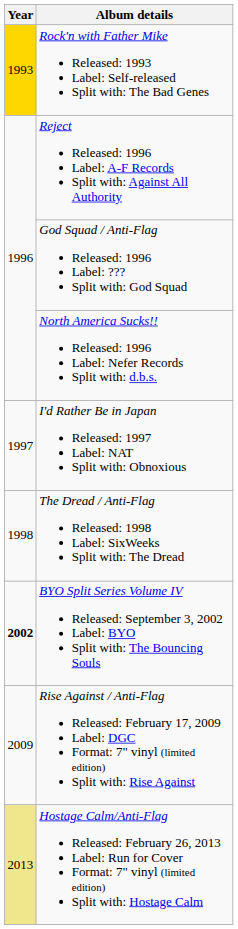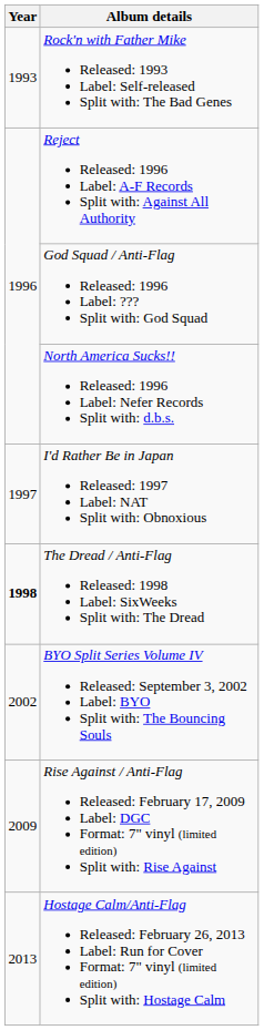 <table class="wikitable">
 <tr>
 <th>Year</th>
 <th width="235">Album details</th>
 </tr>
 <tr>
-<td style="background: gold;">1993</td>
+<td>1993</td>
 <td><em><a href='#'>Rock'n with Father Mike</a></em><br><ul><li>Released: 1993</li><li>Label: Self-released</li><li>Split with: The Bad Genes</li></ul></td>
 </tr>
 <tr>
 <td rowspan="3">1996</td>
 <td><em><a href='#'>Reject</a></em><br><ul><li>Released: 1996</li><li>Label: <a href='#'>A-F Records</a></li><li>Split with: <a href='#'>Against All Authority</a></li></ul></td>
 </tr>
 <tr>
 <td><em>God Squad / Anti-Flag</em><br><ul><li>Released: 1996</li><li>Label: ???</li><li>Split with: God Squad</li></ul></td>
 </tr>
 <tr>
 <td><em><a href='#'>North America Sucks!!</a></em><br><ul><li>Released: 1996</li><li>Label: Nefer Records</li><li>Split with: <a href='#'>d.b.s.</a></li></ul></td>
 </tr>
 <tr>
 <td>1997</td>
 <td><em>I'd Rather Be in Japan</em><br><ul><li>Released: 1997</li><li>Label: NAT</li><li>Split with: Obnoxious</li></ul></td>
 </tr>
 <tr>
-<td>1998</td>
+<td><strong>1998</strong></td>
 <td><em>The Dread / Anti-Flag</em><br><ul><li>Released: 1998</li><li>Label: SixWeeks</li><li>Split with: The Dread</li></ul></td>
 </tr>
 <tr>
-<td><strong>2002</strong></td>
+<td>2002</td>
 <td><em><a href='#'>BYO Split Series Volume IV</a></em><br><ul><li>Released: September 3, 2002</li><li>Label: <a href='#'>BYO</a></li><li>Split with: <a href='#'>The Bouncing Souls</a></li></ul></td>
 </tr>
 <tr>
 <td>2009</td>
 <td><em>Rise Against / Anti-Flag</em><br><ul><li>Released: February 17, 2009</li><li>Label: <a href='#'>DGC</a></li><li>Format: 7" vinyl <small>(limited edition)</small></li><li>Split with: <a href='#'>Rise Against</a></li></ul></td>
 </tr>
 <tr>
-<td style="background: khaki;">2013</td>
+<td>2013</td>
 <td><em><a href='#'>Hostage Calm/Anti-Flag</a></em><br><ul><li>Released: February 26, 2013</li><li>Label: Run for Cover</li><li>Format: 7" vinyl <small>(limited edition)</small></li><li>Split with: <a href='#'>Hostage Calm</a></li></ul></td>
 </tr>
 </table>
